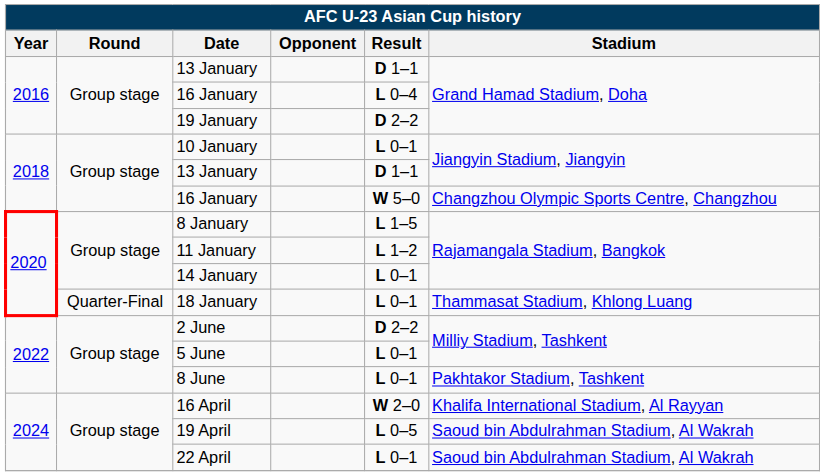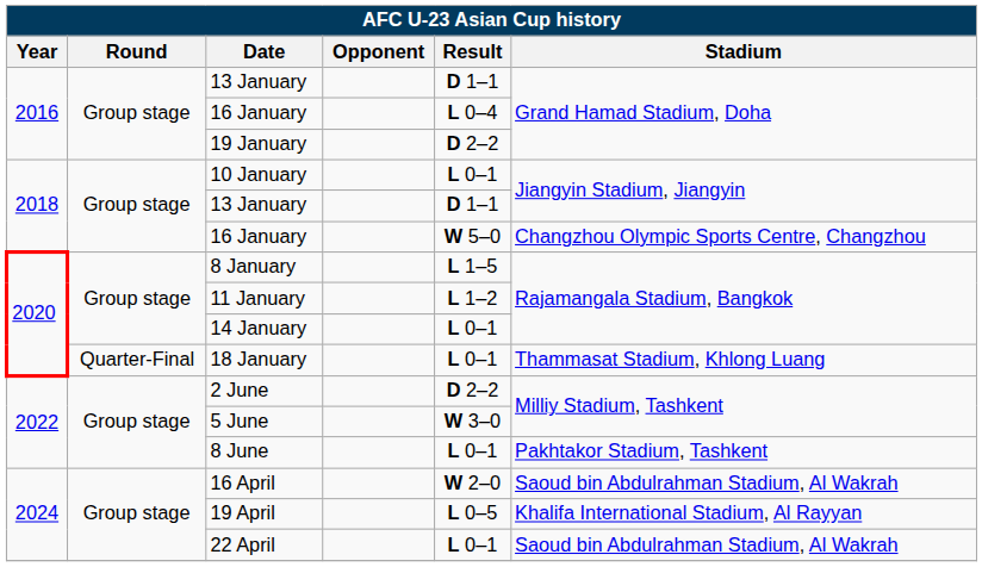 <table class="wikitable" style="text-align: center; font-size:100%; width: 800px">
 <tr>
 <th colspan="6" style="background: #013A5E; color: #FFFFFF;">AFC U-23 Asian Cup history</th>
 </tr>
 <tr>
 <th>Year</th>
 <th>Round</th>
 <th>Date</th>
 <th>Opponent</th>
 <th>Result</th>
 <th>Stadium</th>
 </tr>
 <tr>
 <td rowspan=3> <a href='#'>2016</a></td>
 <td rowspan=3>Group stage</td>
 <td style="text-align:left">13 January</td>
 <td style="text-align:left"></td>
 <td><strong>D</strong> 1–1</td>
 <td rowspan=3 style="text-align:left"><a href='#'>Grand Hamad Stadium</a>, <a href='#'>Doha</a></td>
 </tr>
 <tr>
 <td style="text-align:left">16 January</td>
 <td style="text-align:left"></td>
 <td><strong>L</strong> 0–4</td>
 </tr>
 <tr>
 <td style="text-align:left">19 January</td>
 <td style="text-align:left"></td>
 <td><strong>D</strong> 2–2</td>
 </tr>
 <tr>
 <td rowspan=3> <a href='#'>2018</a></td>
 <td rowspan=3>Group stage</td>
 <td style="text-align:left">10 January</td>
 <td style="text-align:left"></td>
 <td><strong>L</strong> 0–1</td>
 <td rowspan=2 style="text-align:left"><a href='#'>Jiangyin Stadium</a>, <a href='#'>Jiangyin</a></td>
 </tr>
 <tr>
 <td style="text-align:left">13 January</td>
 <td style="text-align:left"></td>
 <td><strong>D</strong> 1–1</td>
 </tr>
 <tr>
 <td style="text-align:left">16 January</td>
 <td style="text-align:left"></td>
 <td><strong>W</strong> 5–0</td>
 <td style="text-align:left"><a href='#'>Changzhou Olympic Sports Centre</a>, <a href='#'>Changzhou</a></td>
 </tr>
 <tr>
 <td rowspan=4 style="text-align: left; border: 3px solid red"> <a href='#'>2020</a></td>
 <td rowspan=3>Group stage</td>
 <td style="text-align:left">8 January</td>
 <td style="text-align:left"></td>
 <td><strong>L</strong> 1–5</td>
 <td rowspan=3 style="text-align:left"><a href='#'>Rajamangala Stadium</a>, <a href='#'>Bangkok</a></td>
 </tr>
 <tr>
 <td style="text-align:left">11 January</td>
 <td style="text-align:left"></td>
 <td><strong>L</strong> 1–2</td>
 </tr>
 <tr>
 <td style="text-align:left">14 January</td>
 <td style="text-align:left"></td>
 <td><strong>L</strong> 0–1</td>
 </tr>
 <tr>
 <td>Quarter-Final</td>
 <td style="text-align:left">18 January</td>
 <td style="text-align:left"></td>
 <td><strong>L</strong> 0–1</td>
 <td style="text-align:left"><a href='#'>Thammasat Stadium</a>, <a href='#'>Khlong Luang</a></td>
 </tr>
 <tr>
 <td rowspan=3> <a href='#'>2022</a></td>
 <td rowspan=3>Group stage</td>
 <td style="text-align:left">2 June</td>
 <td style="text-align:left"></td>
 <td><strong>D</strong> 2–2</td>
 <td rowspan=2 style="text-align:left"><a href='#'>Milliy Stadium</a>, <a href='#'>Tashkent</a></td>
 </tr>
 <tr>
 <td style="text-align:left">5 June</td>
 <td style="text-align:left"></td>
-<td><strong>L</strong> 0–1</td>
+<td><strong>W</strong> 3–0</td>
 </tr>
 <tr>
 <td style="text-align:left">8 June</td>
 <td style="text-align:left"></td>
 <td><strong>L</strong> 0–1</td>
 <td style="text-align:left"><a href='#'>Pakhtakor Stadium</a>, <a href='#'>Tashkent</a></td>
 </tr>
 <tr>
 <td rowspan=3> <a href='#'>2024</a></td>
 <td rowspan=3>Group stage</td>
 <td style="text-align:left">16 April</td>
 <td style="text-align:left"></td>
 <td><strong>W</strong> 2–0</td>
-<td style="text-align:left"><a href='#'>Khalifa International Stadium</a>, <a href='#'>Al Rayyan</a></td>
+<td style="text-align:left"><a href='#'>Saoud bin Abdulrahman Stadium</a>, <a href='#'>Al Wakrah</a></td>
 </tr>
 <tr>
 <td style="text-align:left">19 April</td>
 <td style="text-align:left"></td>
 <td><strong>L</strong> 0–5</td>
-<td style="text-align:left"><a href='#'>Saoud bin Abdulrahman Stadium</a>, <a href='#'>Al Wakrah</a></td>
+<td style="text-align:left"><a href='#'>Khalifa International Stadium</a>, <a href='#'>Al Rayyan</a></td>
 </tr>
 <tr>
 <td style="text-align:left">22 April</td>
 <td style="text-align:left"></td>
 <td><strong>L</strong> 0–1</td>
 <td style="text-align:left"><a href='#'>Saoud bin Abdulrahman Stadium</a>, <a href='#'>Al Wakrah</a></td>
 </tr>
 <tr>
 </tr>
 </table>
